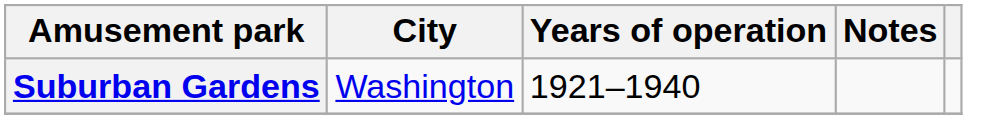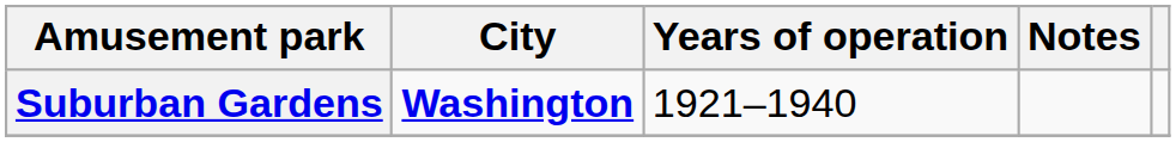 <table class="wikitable plainrowheaders sortable">
 <tr>
 <th scope="col">Amusement park</th>
 <th scope="col">City</th>
 <th scope="col">Years of operation</th>
 <th scope="col" class="unsortable">Notes</th>
 <th scope="col" class="unsortable"></th>
 </tr>
 <tr>
 <th scope="row"><a href='#'>Suburban Gardens</a></th>
-<td><a href='#'>Washington</a></td>
+<td><strong><a href='#'>Washington</a></strong></td>
 <td>1921–1940</td>
 <td></td>
 <td style="text-align:center;"></td>
 </tr>
 <tr>
 </tr>
 </table>
